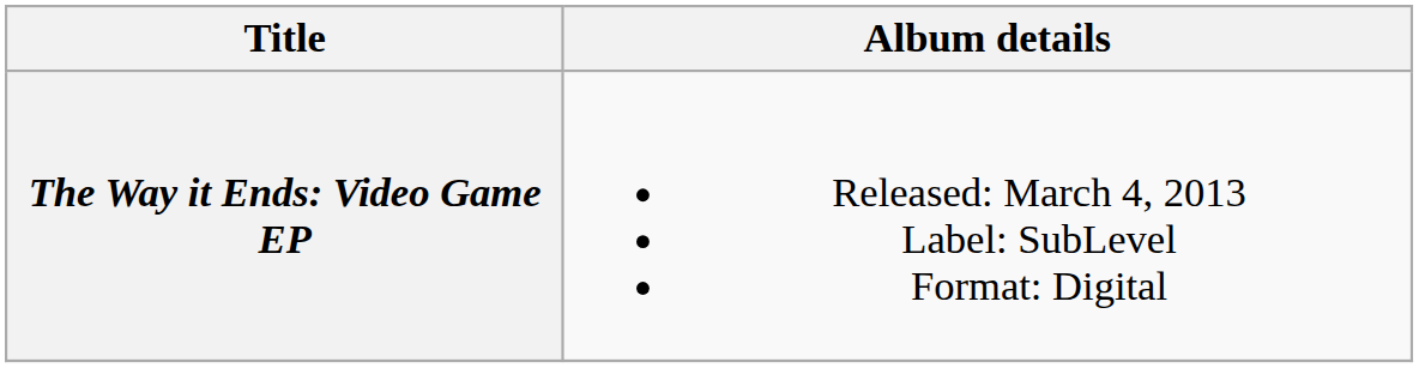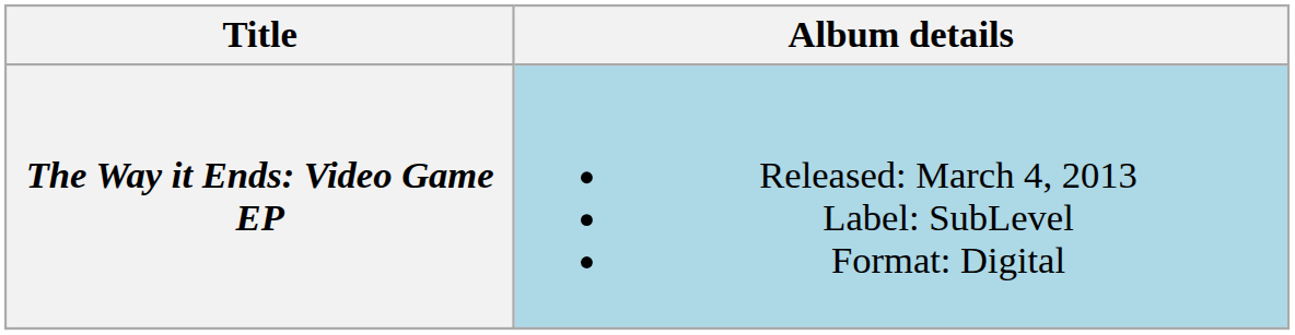 <table class="wikitable plainrowheaders" style="text-align:center;" border="1">
 <tr>
 <th scope="col" style="width:13em;">Title</th>
 <th scope="col" style="width:20em;">Album details</th>
 </tr>
 <tr>
 <th scope="row"><em>The Way it Ends: Video Game EP</em></th>
-<td><br><ul><li>Released: March 4, 2013</li><li>Label: SubLevel</li><li>Format: Digital</li></ul></td>
+<td style="background: lightblue;"><br><ul><li>Released: March 4, 2013</li><li>Label: SubLevel</li><li>Format: Digital</li></ul></td>
 </tr>
 <tr>
 </tr>
 </table>
